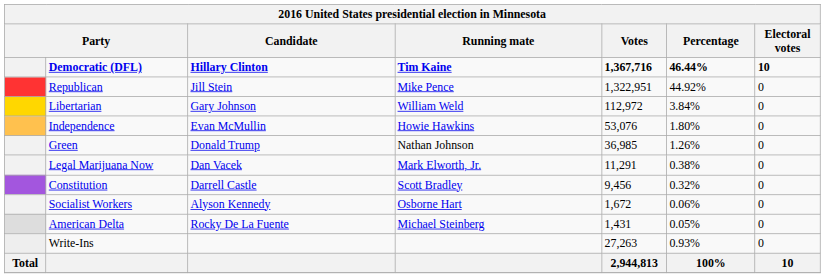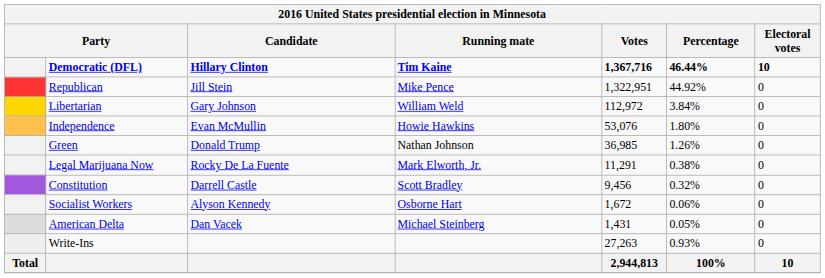 <table class="wikitable" style="font-size: 95%;">
 <tr>
 <th colspan="7">2016 United States presidential election in Minnesota</th>
 </tr>
 <tr>
 <th colspan="2" style="width: 15em">Party</th>
 <th style="width: 17em">Candidate</th>
 <th style="width: 17em">Running mate</th>
 <th style="width: 5em">Votes</th>
 <th style="width: 7em">Percentage</th>
 <th style="width: 5em">Electoral votes</th>
 </tr>
 <tr>
 <th style="background-color:"></th>
 <td style="width: 130px"><strong><a href='#'>Democratic (DFL)</a></strong></td>
 <td><strong><a href='#'>Hillary Clinton</a></strong></td>
 <td><strong><a href='#'>Tim Kaine</a></strong></td>
 <td><strong>1,367,716</strong></td>
 <td><strong>46.44%</strong></td>
 <td><strong>10</strong></td>
 </tr>
 <tr>
 <th style="background-color:#FF3333; width: 3px"></th>
 <td style="width: 130px"><a href='#'>Republican</a></td>
 <td><a href='#'>Jill Stein</a></td>
 <td><a href='#'>Mike Pence</a></td>
 <td>1,322,951</td>
 <td>44.92%</td>
 <td>0</td>
 </tr>
 <tr>
 <th style="background-color:#FFD700; width: 3px"></th>
 <td style="width: 130px"><a href='#'>Libertarian</a></td>
 <td><a href='#'>Gary Johnson</a></td>
 <td><a href='#'>William Weld</a></td>
 <td>112,972</td>
 <td>3.84%</td>
 <td>0</td>
 </tr>
 <tr>
 <th style="background-color:#FFC14E; width: 3px"></th>
 <td style="width: 130px"><a href='#'>Independence</a></td>
 <td><a href='#'>Evan McMullin</a></td>
 <td><a href='#'>Howie Hawkins</a></td>
 <td>53,076</td>
 <td>1.80%</td>
 <td>0</td>
 </tr>
 <tr>
 <th style="background-color:"></th>
 <td style="width: 130px"><a href='#'>Green</a></td>
 <td><a href='#'>Donald Trump</a></td>
 <td>Nathan Johnson</td>
 <td>36,985</td>
 <td>1.26%</td>
 <td>0</td>
 </tr>
 <tr>
 <th style="background-color:"></th>
 <td style="width: 130px"><a href='#'>Legal Marijuana Now</a></td>
-<td><a href='#'>Dan Vacek</a></td>
+<td><a href='#'>Rocky De La Fuente</a></td>
 <td><a href='#'>Mark Elworth, Jr.</a></td>
 <td>11,291</td>
 <td>0.38%</td>
 <td>0</td>
 </tr>
 <tr>
 <th style="background-color:#A356DE; width: 3px"></th>
 <td style="width: 130px"><a href='#'>Constitution</a></td>
 <td><a href='#'>Darrell Castle</a></td>
 <td><a href='#'>Scott Bradley</a></td>
 <td>9,456</td>
 <td>0.32%</td>
 <td>0</td>
 </tr>
 <tr>
 <th style="background-color:"></th>
 <td style="width: 130px"><a href='#'>Socialist Workers</a></td>
 <td><a href='#'>Alyson Kennedy</a></td>
 <td><a href='#'>Osborne Hart</a></td>
 <td>1,672</td>
 <td>0.06%</td>
 <td>0</td>
 </tr>
 <tr>
 <th style="background-color:#DDDDDD; width: 3px"></th>
 <td style="width: 130px"><a href='#'>American Delta</a></td>
-<td><a href='#'>Rocky De La Fuente</a></td>
+<td><a href='#'>Dan Vacek</a></td>
 <td><a href='#'>Michael Steinberg</a></td>
 <td>1,431</td>
 <td>0.05%</td>
 <td>0</td>
 </tr>
 <tr>
 <th style="background-color:#eeeeee; width: 3px"></th>
 <td style="width: 130px">Write-Ins</td>
 <td></td>
 <td></td>
 <td>27,263</td>
 <td>0.93%</td>
 <td>0</td>
 </tr>
 <tr>
 <th>Total</th>
 <th></th>
 <th></th>
 <th></th>
 <th>2,944,813</th>
 <th>100%</th>
 <th>10</th>
 </tr>
 <tr>
 </tr>
 </table>
